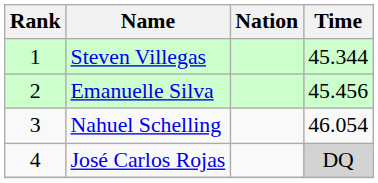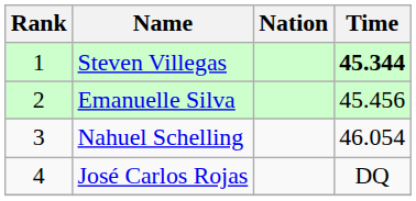 <table class="wikitable sortable" style="text-align:center">
 <tr>
 <th>Rank</th>
 <th>Name</th>
 <th>Nation</th>
 <th>Time</th>
 </tr>
 <tr bgcolor=ccffcc>
 <td>1</td>
 <td align=left><a href='#'>Steven Villegas</a></td>
 <td align=left></td>
-<td>45.344</td>
+<td><strong>45.344</strong></td>
 </tr>
 <tr bgcolor=ccffcc>
 <td>2</td>
 <td align=left><a href='#'>Emanuelle Silva</a></td>
 <td align=left></td>
 <td>45.456</td>
 </tr>
 <tr>
 <td>3</td>
 <td align=left><a href='#'>Nahuel Schelling</a></td>
 <td align=left></td>
 <td>46.054</td>
 </tr>
 <tr>
 <td>4</td>
 <td align=left><a href='#'>José Carlos Rojas</a></td>
 <td align=left></td>
-<td style="background: lightgrey;">DQ</td>
+<td>DQ</td>
 </tr>
 <tr>
 </tr>
 </table>
